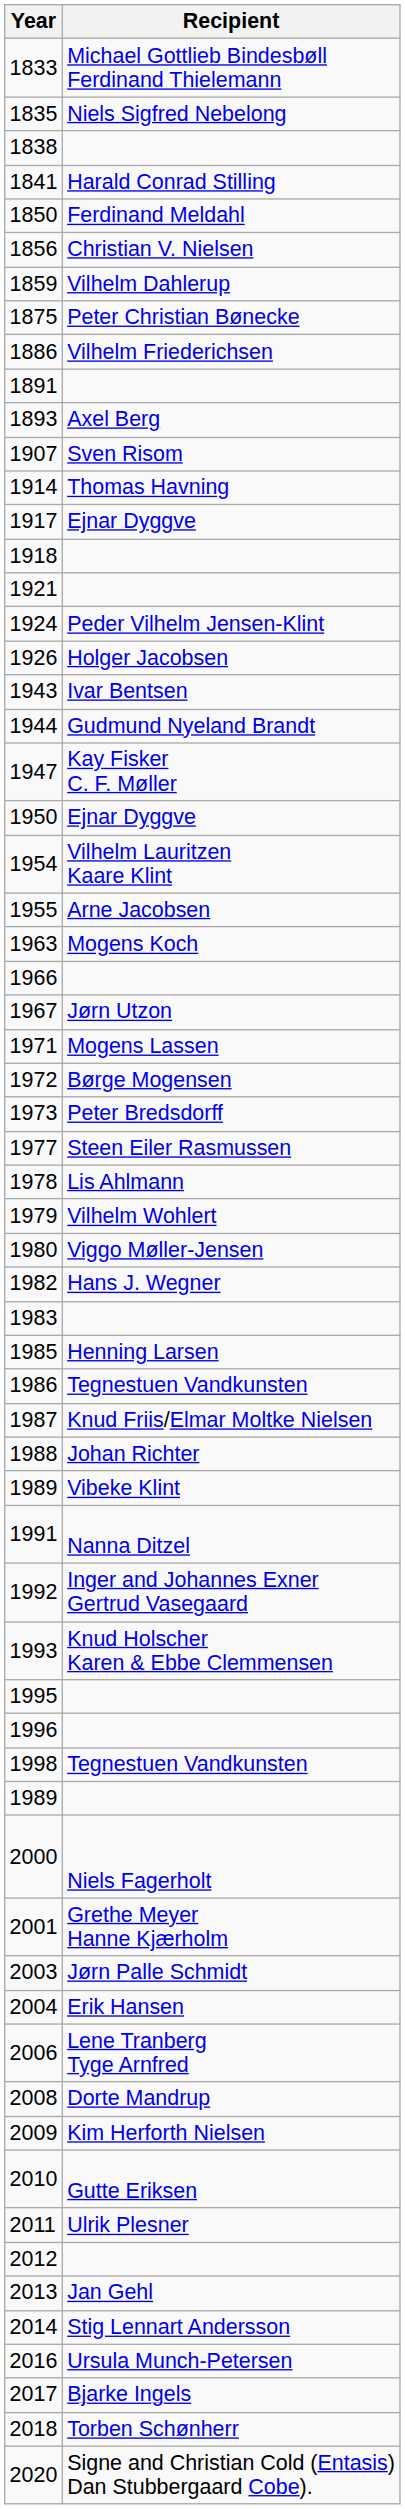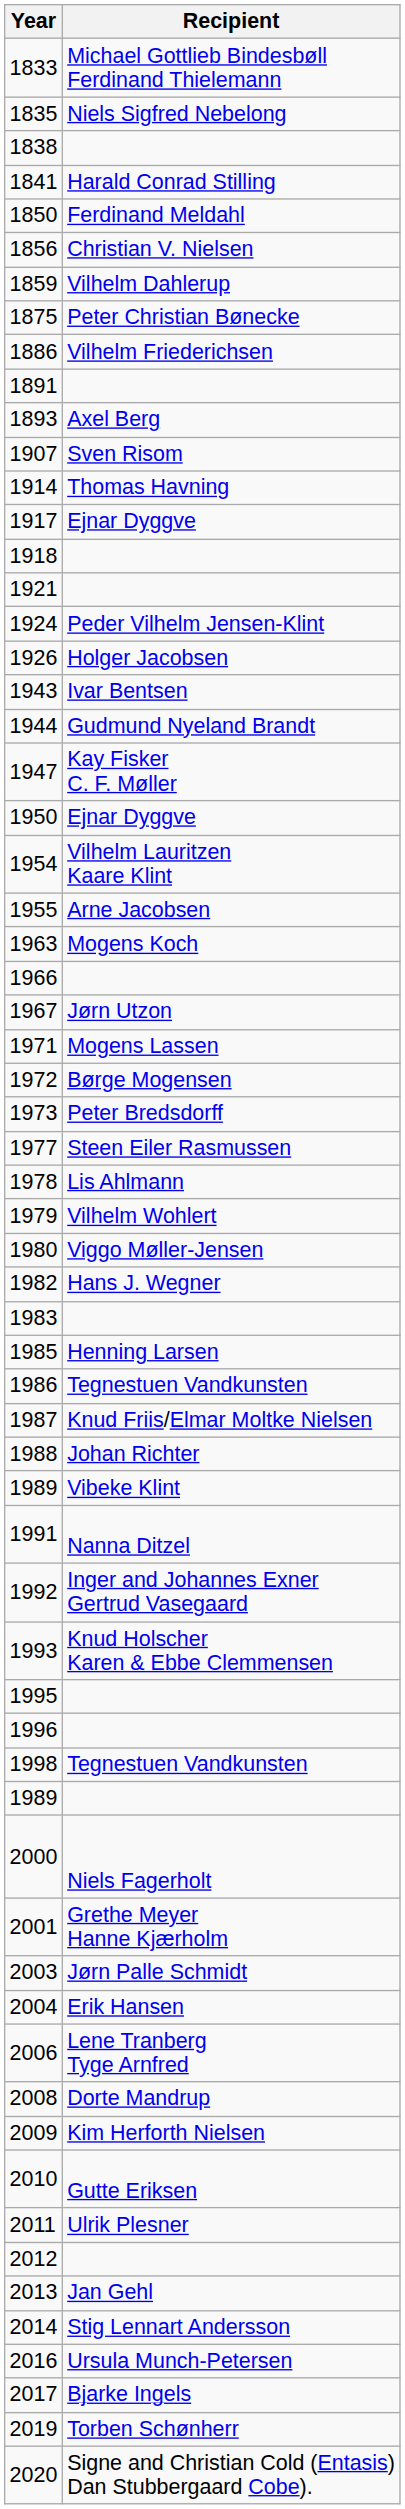 <table class="wikitable">
 <tr>
 <th>Year</th>
 <th>Recipient</th>
 </tr>
 <tr>
 <td>1833</td>
 <td><a href='#'>Michael Gottlieb Bindesbøll</a><br><a href='#'>Ferdinand Thielemann</a></td>
 </tr>
 <tr>
 <td>1835</td>
 <td><a href='#'>Niels Sigfred Nebelong</a></td>
 </tr>
 <tr>
 <td>1838</td>
 <td></td>
 </tr>
 <tr>
 <td>1841</td>
 <td><a href='#'>Harald Conrad Stilling</a></td>
 </tr>
 <tr>
 <td>1850</td>
 <td><a href='#'>Ferdinand Meldahl</a></td>
 </tr>
 <tr>
 <td>1856</td>
 <td><a href='#'>Christian V. Nielsen</a></td>
 </tr>
 <tr>
 <td>1859</td>
 <td><a href='#'>Vilhelm Dahlerup</a></td>
 </tr>
 <tr>
 <td>1875</td>
 <td><a href='#'>Peter Christian Bønecke</a></td>
 </tr>
 <tr>
 <td>1886</td>
 <td><a href='#'>Vilhelm Friederichsen</a></td>
 </tr>
 <tr>
 <td>1891</td>
 <td></td>
 </tr>
 <tr>
 <td>1893</td>
 <td><a href='#'>Axel Berg</a></td>
 </tr>
 <tr>
 <td>1907</td>
 <td><a href='#'>Sven Risom</a></td>
 </tr>
 <tr>
 <td>1914</td>
 <td><a href='#'>Thomas Havning</a></td>
 </tr>
 <tr>
 <td>1917</td>
 <td><a href='#'>Ejnar Dyggve</a></td>
 </tr>
 <tr>
 <td>1918</td>
 <td><br></td>
 </tr>
 <tr>
 <td>1921</td>
 <td></td>
 </tr>
 <tr>
 <td>1924</td>
 <td><a href='#'>Peder Vilhelm Jensen-Klint</a></td>
 </tr>
 <tr>
 <td>1926</td>
 <td><a href='#'>Holger Jacobsen</a></td>
 </tr>
 <tr>
 <td>1943</td>
 <td><a href='#'>Ivar Bentsen</a></td>
 </tr>
 <tr>
 <td>1944</td>
 <td><a href='#'>Gudmund Nyeland Brandt</a></td>
 </tr>
 <tr>
 <td>1947</td>
 <td><a href='#'>Kay Fisker</a><br><a href='#'>C. F. Møller</a></td>
 </tr>
 <tr>
 <td>1950</td>
 <td><a href='#'>Ejnar Dyggve</a></td>
 </tr>
 <tr>
 <td>1954</td>
 <td><a href='#'>Vilhelm Lauritzen</a><br><a href='#'>Kaare Klint</a></td>
 </tr>
 <tr>
 <td>1955</td>
 <td><a href='#'>Arne Jacobsen</a></td>
 </tr>
 <tr>
 <td>1963</td>
 <td><a href='#'>Mogens Koch</a></td>
 </tr>
 <tr>
 <td>1966</td>
 <td></td>
 </tr>
 <tr>
 <td>1967</td>
 <td><a href='#'>Jørn Utzon</a></td>
 </tr>
 <tr>
 <td>1971</td>
 <td><a href='#'>Mogens Lassen</a></td>
 </tr>
 <tr>
 <td>1972</td>
 <td><a href='#'>Børge Mogensen</a></td>
 </tr>
 <tr>
 <td>1973</td>
 <td><a href='#'>Peter Bredsdorff</a></td>
 </tr>
 <tr>
 <td>1977</td>
 <td><a href='#'>Steen Eiler Rasmussen</a></td>
 </tr>
 <tr>
 <td>1978</td>
 <td><a href='#'>Lis Ahlmann</a></td>
 </tr>
 <tr>
 <td>1979</td>
 <td><a href='#'>Vilhelm Wohlert</a></td>
 </tr>
 <tr>
 <td>1980</td>
 <td><a href='#'>Viggo Møller-Jensen</a></td>
 </tr>
 <tr>
 <td>1982</td>
 <td><a href='#'>Hans J. Wegner</a></td>
 </tr>
 <tr>
 <td>1983</td>
 <td></td>
 </tr>
 <tr>
 <td>1985</td>
 <td><a href='#'>Henning Larsen</a></td>
 </tr>
 <tr>
 <td>1986</td>
 <td><a href='#'>Tegnestuen Vandkunsten</a></td>
 </tr>
 <tr>
 <td>1987</td>
 <td><a href='#'>Knud Friis</a>/<a href='#'>Elmar Moltke Nielsen</a></td>
 </tr>
 <tr>
 <td>1988</td>
 <td><a href='#'>Johan Richter</a></td>
 </tr>
 <tr>
 <td>1989</td>
 <td><a href='#'>Vibeke Klint</a><br></td>
 </tr>
 <tr>
 <td>1991</td>
 <td><br><a href='#'>Nanna Ditzel</a></td>
 </tr>
 <tr>
 <td>1992</td>
 <td><a href='#'>Inger and Johannes Exner</a><br><a href='#'>Gertrud Vasegaard</a></td>
 </tr>
 <tr>
 <td>1993</td>
 <td><a href='#'>Knud Holscher</a><br><a href='#'>Karen & Ebbe Clemmensen</a></td>
 </tr>
 <tr>
 <td>1995</td>
 <td></td>
 </tr>
 <tr>
 <td>1996</td>
 <td></td>
 </tr>
 <tr>
 <td>1998</td>
 <td><a href='#'>Tegnestuen Vandkunsten</a></td>
 </tr>
 <tr>
 <td>1989</td>
 <td></td>
 </tr>
 <tr>
 <td>2000</td>
 <td><br><br><a href='#'>Niels Fagerholt</a></td>
 </tr>
 <tr>
 <td>2001</td>
 <td><a href='#'>Grethe Meyer</a><br><a href='#'>Hanne Kjærholm</a></td>
 </tr>
 <tr>
 <td>2003</td>
 <td><a href='#'>Jørn Palle Schmidt</a></td>
 </tr>
 <tr>
 <td>2004</td>
 <td><a href='#'>Erik Hansen</a></td>
 </tr>
 <tr>
 <td>2006</td>
 <td><a href='#'>Lene Tranberg</a><br><a href='#'>Tyge Arnfred</a></td>
 </tr>
 <tr>
 <td>2008</td>
 <td><a href='#'>Dorte Mandrup</a></td>
 </tr>
 <tr>
 <td>2009</td>
 <td><a href='#'>Kim Herforth Nielsen</a></td>
 </tr>
 <tr>
 <td>2010</td>
 <td><br><a href='#'>Gutte Eriksen</a></td>
 </tr>
 <tr>
 <td>2011</td>
 <td><a href='#'>Ulrik Plesner</a></td>
 </tr>
 <tr>
 <td>2012</td>
 <td></td>
 </tr>
 <tr>
 <td>2013</td>
 <td><a href='#'>Jan Gehl</a></td>
 </tr>
 <tr>
 <td>2014</td>
 <td><a href='#'>Stig Lennart Andersson</a></td>
 </tr>
 <tr>
 <td>2016</td>
 <td><a href='#'>Ursula Munch-Petersen</a></td>
 </tr>
 <tr>
 <td>2017</td>
 <td><a href='#'>Bjarke Ingels</a></td>
 </tr>
 <tr>
-<td>2018</td>
+<td>2019</td>
 <td><a href='#'>Torben Schønherr</a></td>
 </tr>
 <tr>
 <td>2020</td>
 <td>Signe and Christian Cold (<a href='#'>Entasis</a>) <br>Dan Stubbergaard <a href='#'>Cobe</a>).</td>
 </tr>
 </table>
